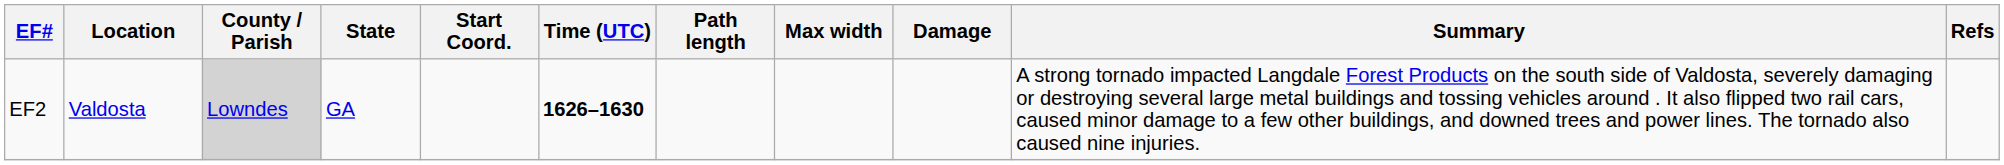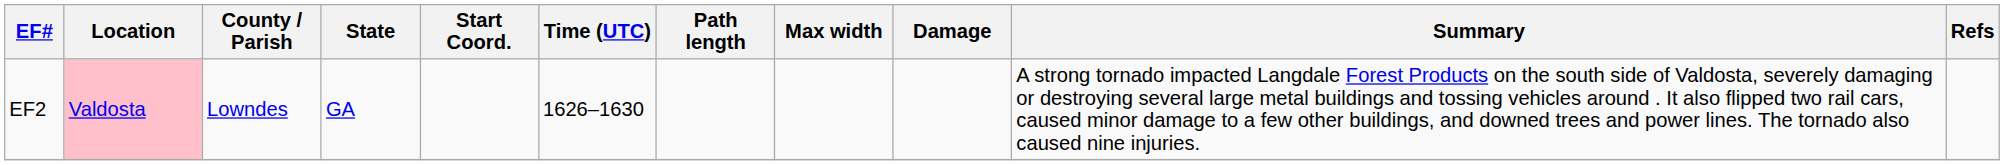 <table class="wikitable sortable" style="width:100%;">
 <tr>
 <th scope="col" width="3%" align="center"><a href='#'>EF#</a></th>
 <th scope="col" width="7%" align="center" class="unsortable">Location</th>
 <th scope="col" width="6%" align="center" class="unsortable">County / Parish</th>
 <th scope="col" width="5%" align="center">State</th>
 <th scope="col" width="6%" align="center">Start Coord.</th>
 <th scope="col" width="6%" align="center">Time (<a href='#'>UTC</a>)</th>
 <th scope="col" width="6%" align="center">Path length</th>
 <th scope="col" width="6%" align="center">Max width</th>
 <th scope="col" width="6%" align="center">Damage</th>
 <th scope="col" width="48%" class="unsortable" align="center">Summary</th>
 <th scope="col" width="48%" class="unsortable" align="center">Refs</th>
 </tr>
 <tr>
 <td>EF2</td>
-<td><a href='#'>Valdosta</a></td>
-<td style="background: lightgrey;"><a href='#'>Lowndes</a></td>
+<td style="background: pink;"><a href='#'>Valdosta</a></td>
+<td><a href='#'>Lowndes</a></td>
 <td><a href='#'>GA</a></td>
 <td></td>
-<td><strong>1626–1630</strong></td>
+<td>1626–1630</td>
 <td></td>
 <td></td>
 <td></td>
 <td>A strong tornado impacted Langdale <a href='#'>Forest Products</a> on the south side of Valdosta, severely damaging or destroying several large metal buildings and tossing vehicles around . It also flipped two rail cars, caused minor damage to a few other buildings, and downed trees and power lines. The tornado also caused nine injuries.</td>
 <td></td>
 </tr>
 <tr>
 </tr>
 </table>
